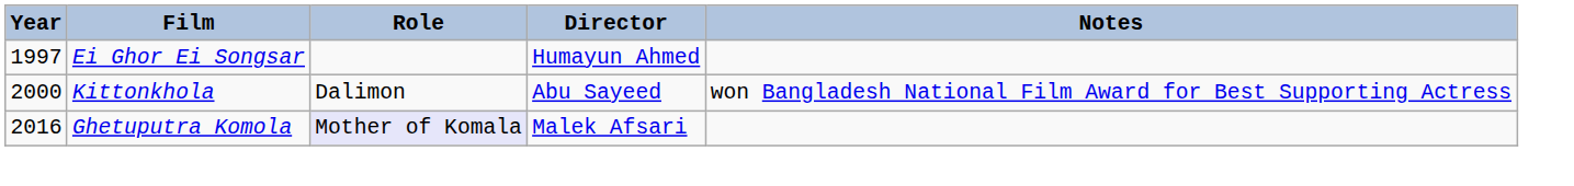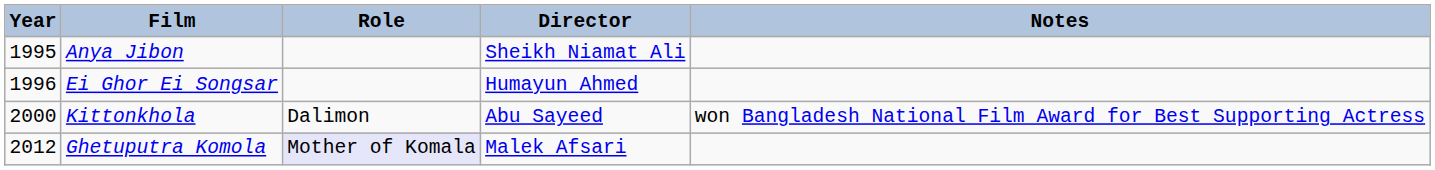 <table class="wikitable sortable">
 <tr>
 <th style="background:#B0C4DE;">Year</th>
 <th style="background:#B0C4DE;">Film</th>
 <th style="background:#B0C4DE;">Role</th>
 <th style="background:#B0C4DE;">Director</th>
 <th style="background:#B0C4DE;">Notes</th>
 </tr>
 <tr>
-<td>1997</td>
+<td>1995</td>
+<td><em><a href='#'>Anya Jibon</a></em></td>
+<td></td>
+<td><a href='#'>Sheikh Niamat Ali</a></td>
+<td></td>
+</tr>
+<tr>
+<td>1996</td>
 <td><em><a href='#'>Ei Ghor Ei Songsar</a></em></td>
 <td></td>
 <td><a href='#'>Humayun Ahmed</a></td>
 <td></td>
 </tr>
 <tr>
 <td>2000</td>
 <td><em><a href='#'>Kittonkhola</a></em></td>
 <td>Dalimon</td>
 <td><a href='#'>Abu Sayeed</a></td>
 <td>won <a href='#'>Bangladesh National Film Award for Best Supporting Actress</a></td>
 </tr>
 <tr>
-<td>2016</td>
+<td>2012</td>
 <td><em><a href='#'>Ghetuputra Komola</a></em></td>
 <td style="background: lavender;">Mother of Komala</td>
 <td><a href='#'>Malek Afsari</a></td>
 <td></td>
 </tr>
 </table>
